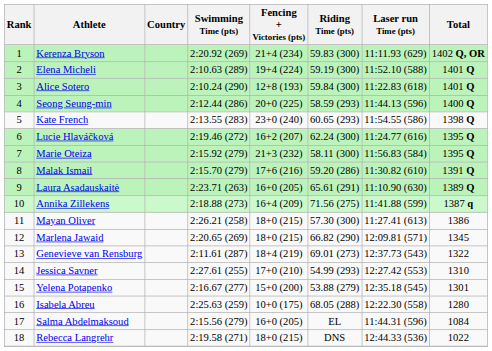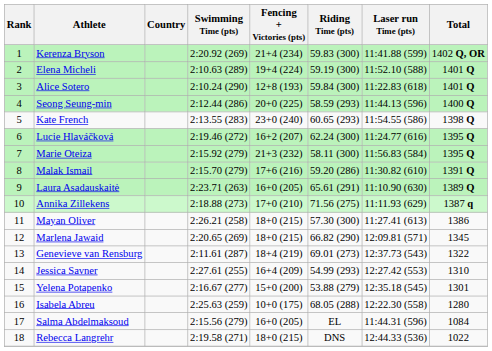 <table style="text-align:center" class="wikitable sortable">
 <tr>
 <th>Rank</th>
 <th>Athlete</th>
 <th>Country</th>
 <th>Swimming<br><small>Time (pts)</small></th>
 <th>Fencing<br>+<br><small>Victories (pts)</small></th>
 <th>Riding<br><small>Time (pts)</small></th>
 <th>Laser run<br><small>Time (pts)</small></th>
 <th>Total</th>
 </tr>
 <tr bgcolor=#bbf3bb>
 <td>1</td>
 <td align=left><a href='#'>Kerenza Bryson</a></td>
 <td align="left"></td>
 <td>2:20.92 (269)</td>
 <td>21+4 (234)</td>
 <td data-sort-value=300>59.83 (300)</td>
-<td>11:11.93 (629)</td>
+<td>11:41.88 (599)</td>
 <td>1402 <strong>Q, OR</strong></td>
 </tr>
 <tr bgcolor=#bbf3bb>
 <td>2</td>
 <td align=left><a href='#'>Elena Micheli</a></td>
 <td align="left"></td>
 <td>2:10.63 (289)</td>
 <td>19+4 (224)</td>
 <td data-sort-value=300>59.19 (300)</td>
 <td>11:52.10 (588)</td>
 <td>1401 <strong>Q</strong></td>
 </tr>
 <tr bgcolor=#bbf3bb>
 <td>3</td>
 <td align=left><a href='#'>Alice Sotero</a></td>
 <td align="left"></td>
 <td>2:10.24 (290)</td>
 <td>12+8 (193)</td>
 <td data-sort-value=300>59.84 (300)</td>
 <td>11:22.83 (618)</td>
 <td>1401 <strong>Q</strong></td>
 </tr>
 <tr bgcolor=#bbf3bb>
 <td>4</td>
 <td align=left><a href='#'>Seong Seung-min</a></td>
 <td align="left"></td>
 <td>2:12.44 (286)</td>
 <td>20+0 (225)</td>
 <td data-sort-value=293>58.59 (293)</td>
 <td>11:44.13 (596)</td>
 <td>1400 <strong>Q</strong></td>
 </tr>
 <tr>
 <td>5</td>
 <td align=left><a href='#'>Kate French</a></td>
 <td align="left"></td>
 <td>2:13.55 (283)</td>
 <td>23+0 (240)</td>
 <td data-sort-value=293>60.65 (293)</td>
 <td>11:54.55 (586)</td>
 <td>1398 <strong>Q</strong></td>
 </tr>
 <tr bgcolor=#bbf3bb>
 <td>6</td>
 <td align=left><a href='#'>Lucie Hlaváčková</a></td>
 <td align="left"></td>
 <td>2:19.46 (272)</td>
 <td>16+2 (207)</td>
 <td data-sort-value=300>62.24 (300)</td>
 <td>11:24.77 (616)</td>
 <td>1395 <strong>Q</strong></td>
 </tr>
 <tr bgcolor=#bbf3bb>
 <td>7</td>
 <td align=left><a href='#'>Marie Oteiza</a></td>
 <td align="left"></td>
 <td>2:15.92 (279)</td>
 <td>21+3 (232)</td>
 <td data-sort-value=300>58.11 (300)</td>
 <td>11:56.83 (584)</td>
 <td>1395 <strong>Q</strong></td>
 </tr>
 <tr bgcolor=#bbf3bb>
 <td>8</td>
 <td align=left><a href='#'>Malak Ismail</a></td>
 <td align="left"></td>
 <td>2:15.70 (279)</td>
 <td>17+6 (216)</td>
 <td data-sort-value=286>59.20 (286)</td>
 <td>11:30.82 (610)</td>
 <td>1391 <strong>Q</strong></td>
 </tr>
 <tr bgcolor=#bbf3bb>
 <td>9</td>
 <td align=left><a href='#'>Laura Asadauskaitė</a></td>
 <td align="left"></td>
 <td>2:23.71 (263)</td>
 <td>16+0 (205)</td>
 <td data-sort-value=291>65.61 (291)</td>
 <td>11:10.90 (630)</td>
 <td>1389 <strong>Q</strong></td>
 </tr>
 <tr bgcolor=#ccf9cc>
 <td>10</td>
 <td align=left><a href='#'>Annika Zillekens</a></td>
 <td align="left"></td>
 <td>2:18.88 (273)</td>
-<td>16+4 (209)</td>
+<td>17+0 (210)</td>
 <td data-sort-value=275>71.56 (275)</td>
-<td>11:41.88 (599)</td>
+<td>11:11.93 (629)</td>
 <td>1387 <strong>q</strong></td>
 </tr>
 <tr>
 <td>11</td>
 <td align=left><a href='#'>Mayan Oliver</a></td>
 <td align="left"></td>
 <td>2:26.21 (258)</td>
 <td>18+0 (215)</td>
 <td data-sort-value=300>57.30 (300)</td>
 <td>11:27.41 (613)</td>
 <td>1386</td>
 </tr>
 <tr>
 <td>12</td>
 <td align=left><a href='#'>Marlena Jawaid</a></td>
 <td align="left"></td>
 <td>2:20.65 (269)</td>
 <td>18+0 (215)</td>
 <td data-sort-value=290>66.82 (290)</td>
 <td>12:09.81 (571)</td>
 <td>1345</td>
 </tr>
 <tr>
 <td>13</td>
 <td align=left><a href='#'>Genevieve van Rensburg</a></td>
 <td align="left"></td>
 <td>2:11.61 (287)</td>
 <td>18+4 (219)</td>
 <td data-sort-value=273>69.01 (273)</td>
 <td>12:37.73 (543)</td>
 <td>1322</td>
 </tr>
 <tr>
 <td>14</td>
 <td align=left><a href='#'>Jessica Savner</a></td>
 <td align="left"></td>
 <td>2:27.61 (255)</td>
-<td>17+0 (210)</td>
+<td>16+4 (209)</td>
 <td data-sort-value=293>54.99 (293)</td>
 <td>12:27.42 (553)</td>
 <td>1310</td>
 </tr>
 <tr>
 <td>15</td>
 <td align=left><a href='#'>Yelena Potapenko</a></td>
 <td align="left"></td>
 <td>2:16.67 (277)</td>
 <td>15+0 (200)</td>
 <td data-sort-value=279>53.88 (279)</td>
 <td>12:35.18 (545)</td>
 <td>1301</td>
 </tr>
 <tr>
 <td>16</td>
 <td align=left><a href='#'>Isabela Abreu</a></td>
 <td align="left"></td>
 <td>2:25.63 (259)</td>
 <td>10+0 (175)</td>
 <td data-sort-value=288>68.05 (288)</td>
 <td>12:22.30 (558)</td>
 <td>1280</td>
 </tr>
 <tr>
 <td>17</td>
 <td align=left><a href='#'>Salma Abdelmaksoud</a></td>
 <td align="left"></td>
 <td>2:15.56 (279)</td>
 <td>16+0 (205)</td>
 <td>EL</td>
 <td>11:44.31 (596)</td>
 <td>1084</td>
 </tr>
 <tr>
 <td>18</td>
 <td align=left><a href='#'>Rebecca Langrehr</a></td>
 <td align="left"></td>
 <td>2:19.58 (271)</td>
 <td>18+0 (215)</td>
 <td>DNS</td>
 <td>12:44.33 (536)</td>
 <td>1022</td>
 </tr>
 <tr>
 </tr>
 </table>
